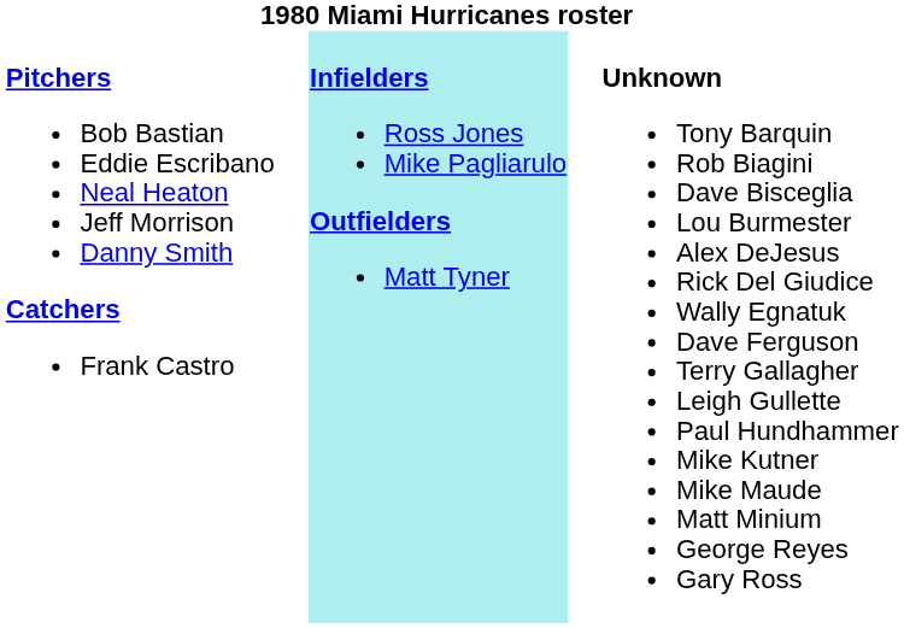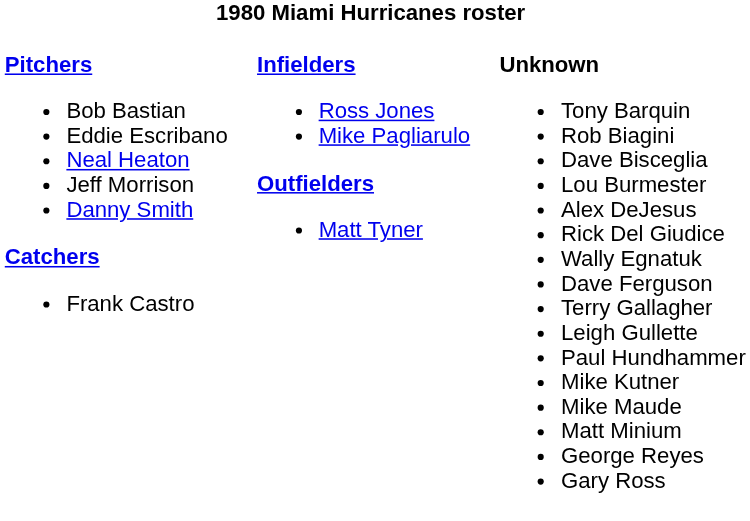 <table class="toccolours" style="border-collapse:collapse; font-size:90%;">
 <tr>
 <th colspan=9>1980 Miami Hurricanes roster</th>
 </tr>
 <tr>
 <td width="03"> </td>
 <td valign="top"><br><strong><a href='#'>Pitchers</a></strong><ul><li>Bob Bastian</li><li>Eddie Escribano</li><li><a href='#'>Neal Heaton</a></li><li>Jeff Morrison</li><li><a href='#'>Danny Smith</a></li></ul><strong><a href='#'>Catchers</a></strong><ul><li>Frank Castro</li></ul></td>
 <td width="15"> </td>
-<td valign="top" style="background: paleturquoise;"><br><strong><a href='#'>Infielders</a></strong><ul><li><a href='#'>Ross Jones</a></li><li><a href='#'>Mike Pagliarulo</a></li></ul><strong><a href='#'>Outfielders</a></strong><ul><li><a href='#'>Matt Tyner</a></li></ul></td>
+<td valign="top"><br><strong><a href='#'>Infielders</a></strong><ul><li><a href='#'>Ross Jones</a></li><li><a href='#'>Mike Pagliarulo</a></li></ul><strong><a href='#'>Outfielders</a></strong><ul><li><a href='#'>Matt Tyner</a></li></ul></td>
 <td width="15"> </td>
 <td valign="top"><br><strong>Unknown</strong><ul><li>Tony Barquin</li><li>Rob Biagini</li><li>Dave Bisceglia</li><li>Lou Burmester</li><li>Alex DeJesus</li><li>Rick Del Giudice</li><li>Wally Egnatuk</li><li>Dave Ferguson</li><li>Terry Gallagher</li><li>Leigh Gullette</li><li>Paul Hundhammer</li><li>Mike Kutner</li><li>Mike Maude</li><li>Matt Minium</li><li>George Reyes</li><li>Gary Ross</li></ul></td>
 </tr>
 </table>
